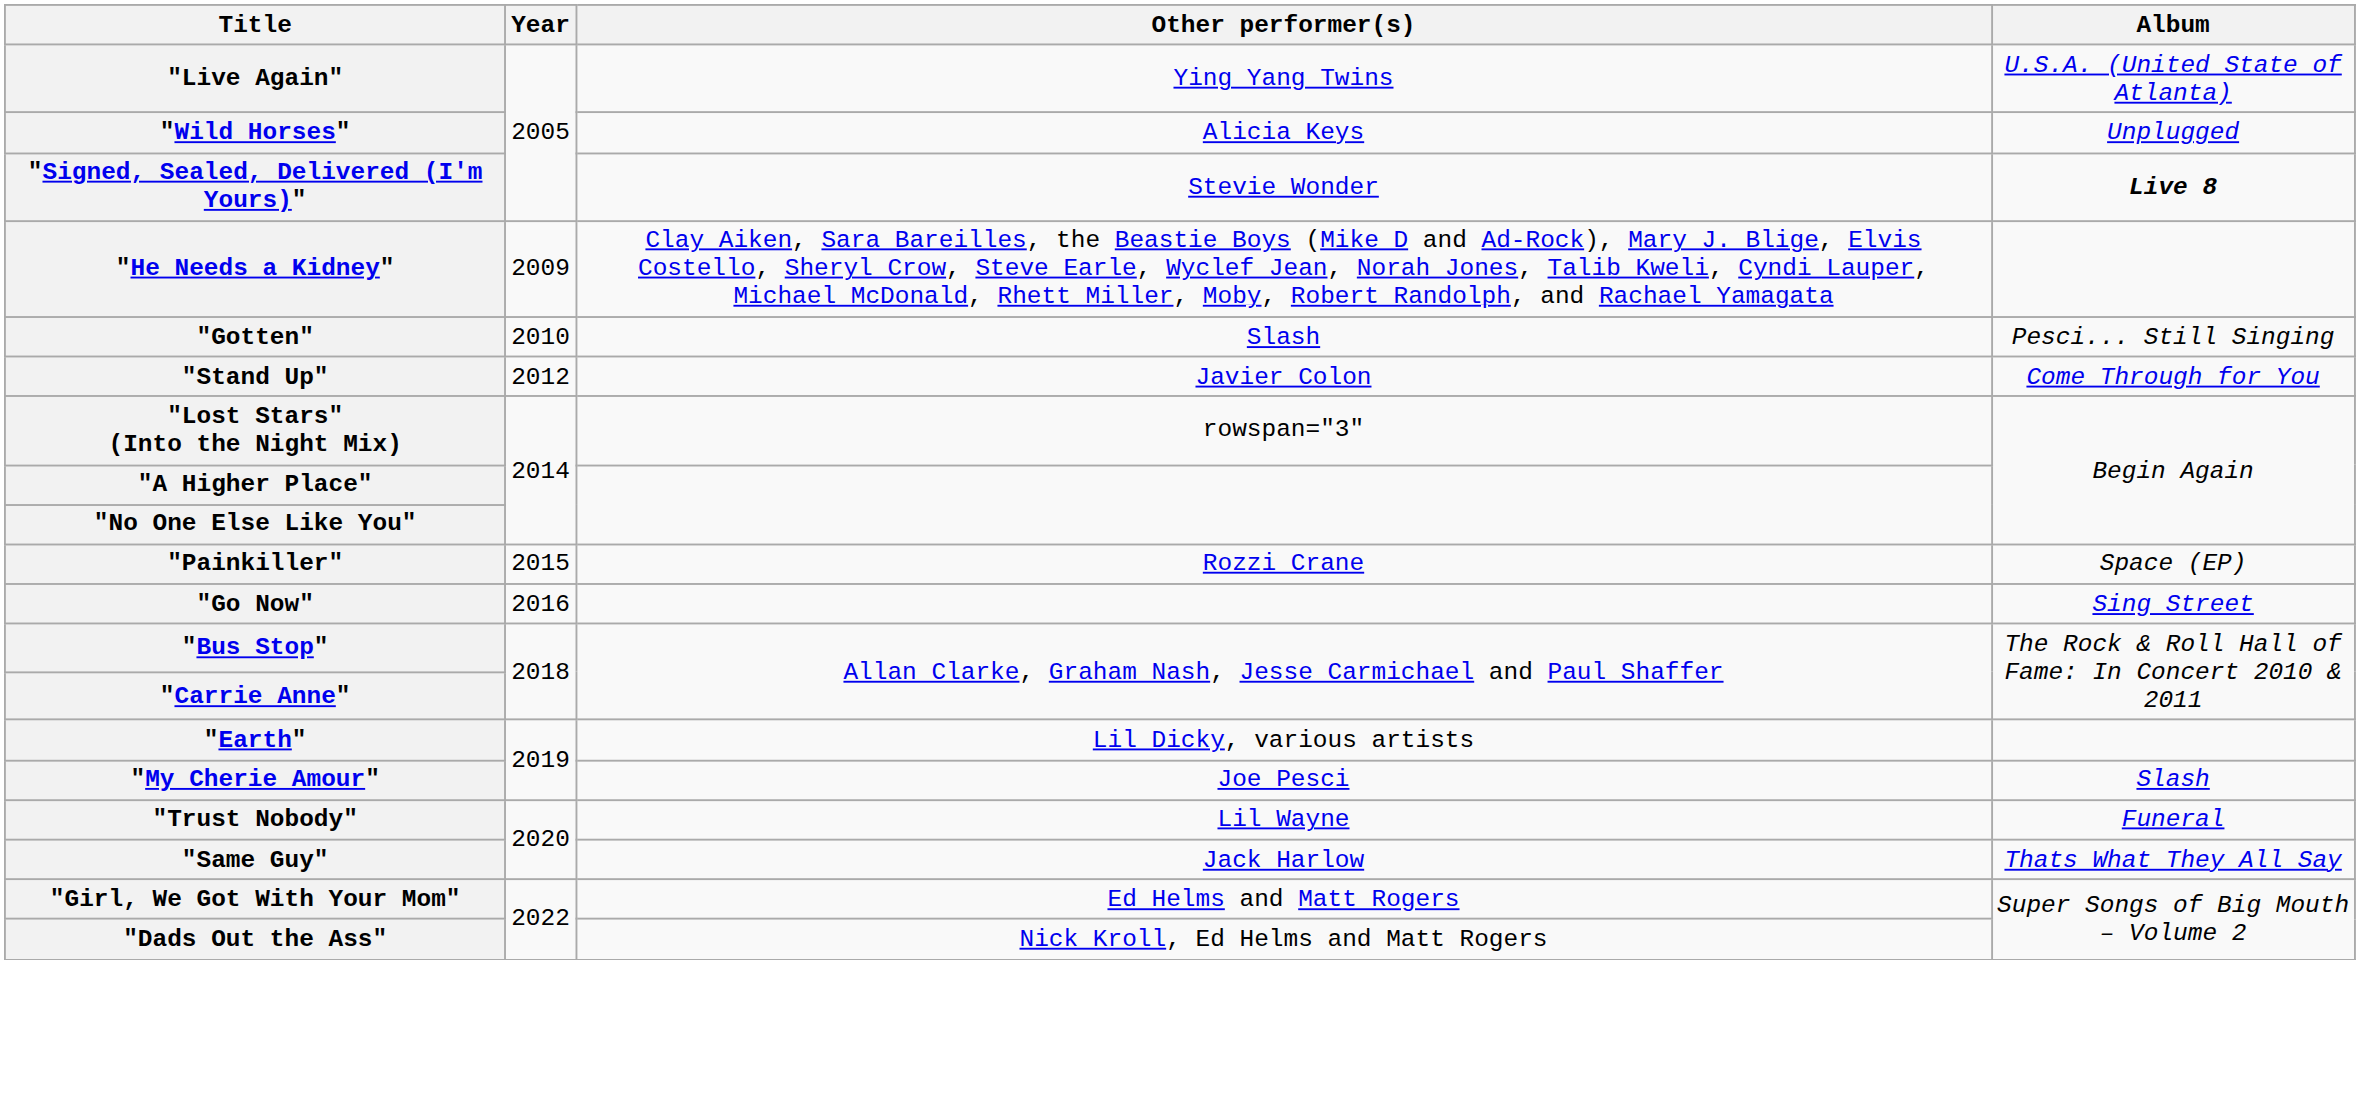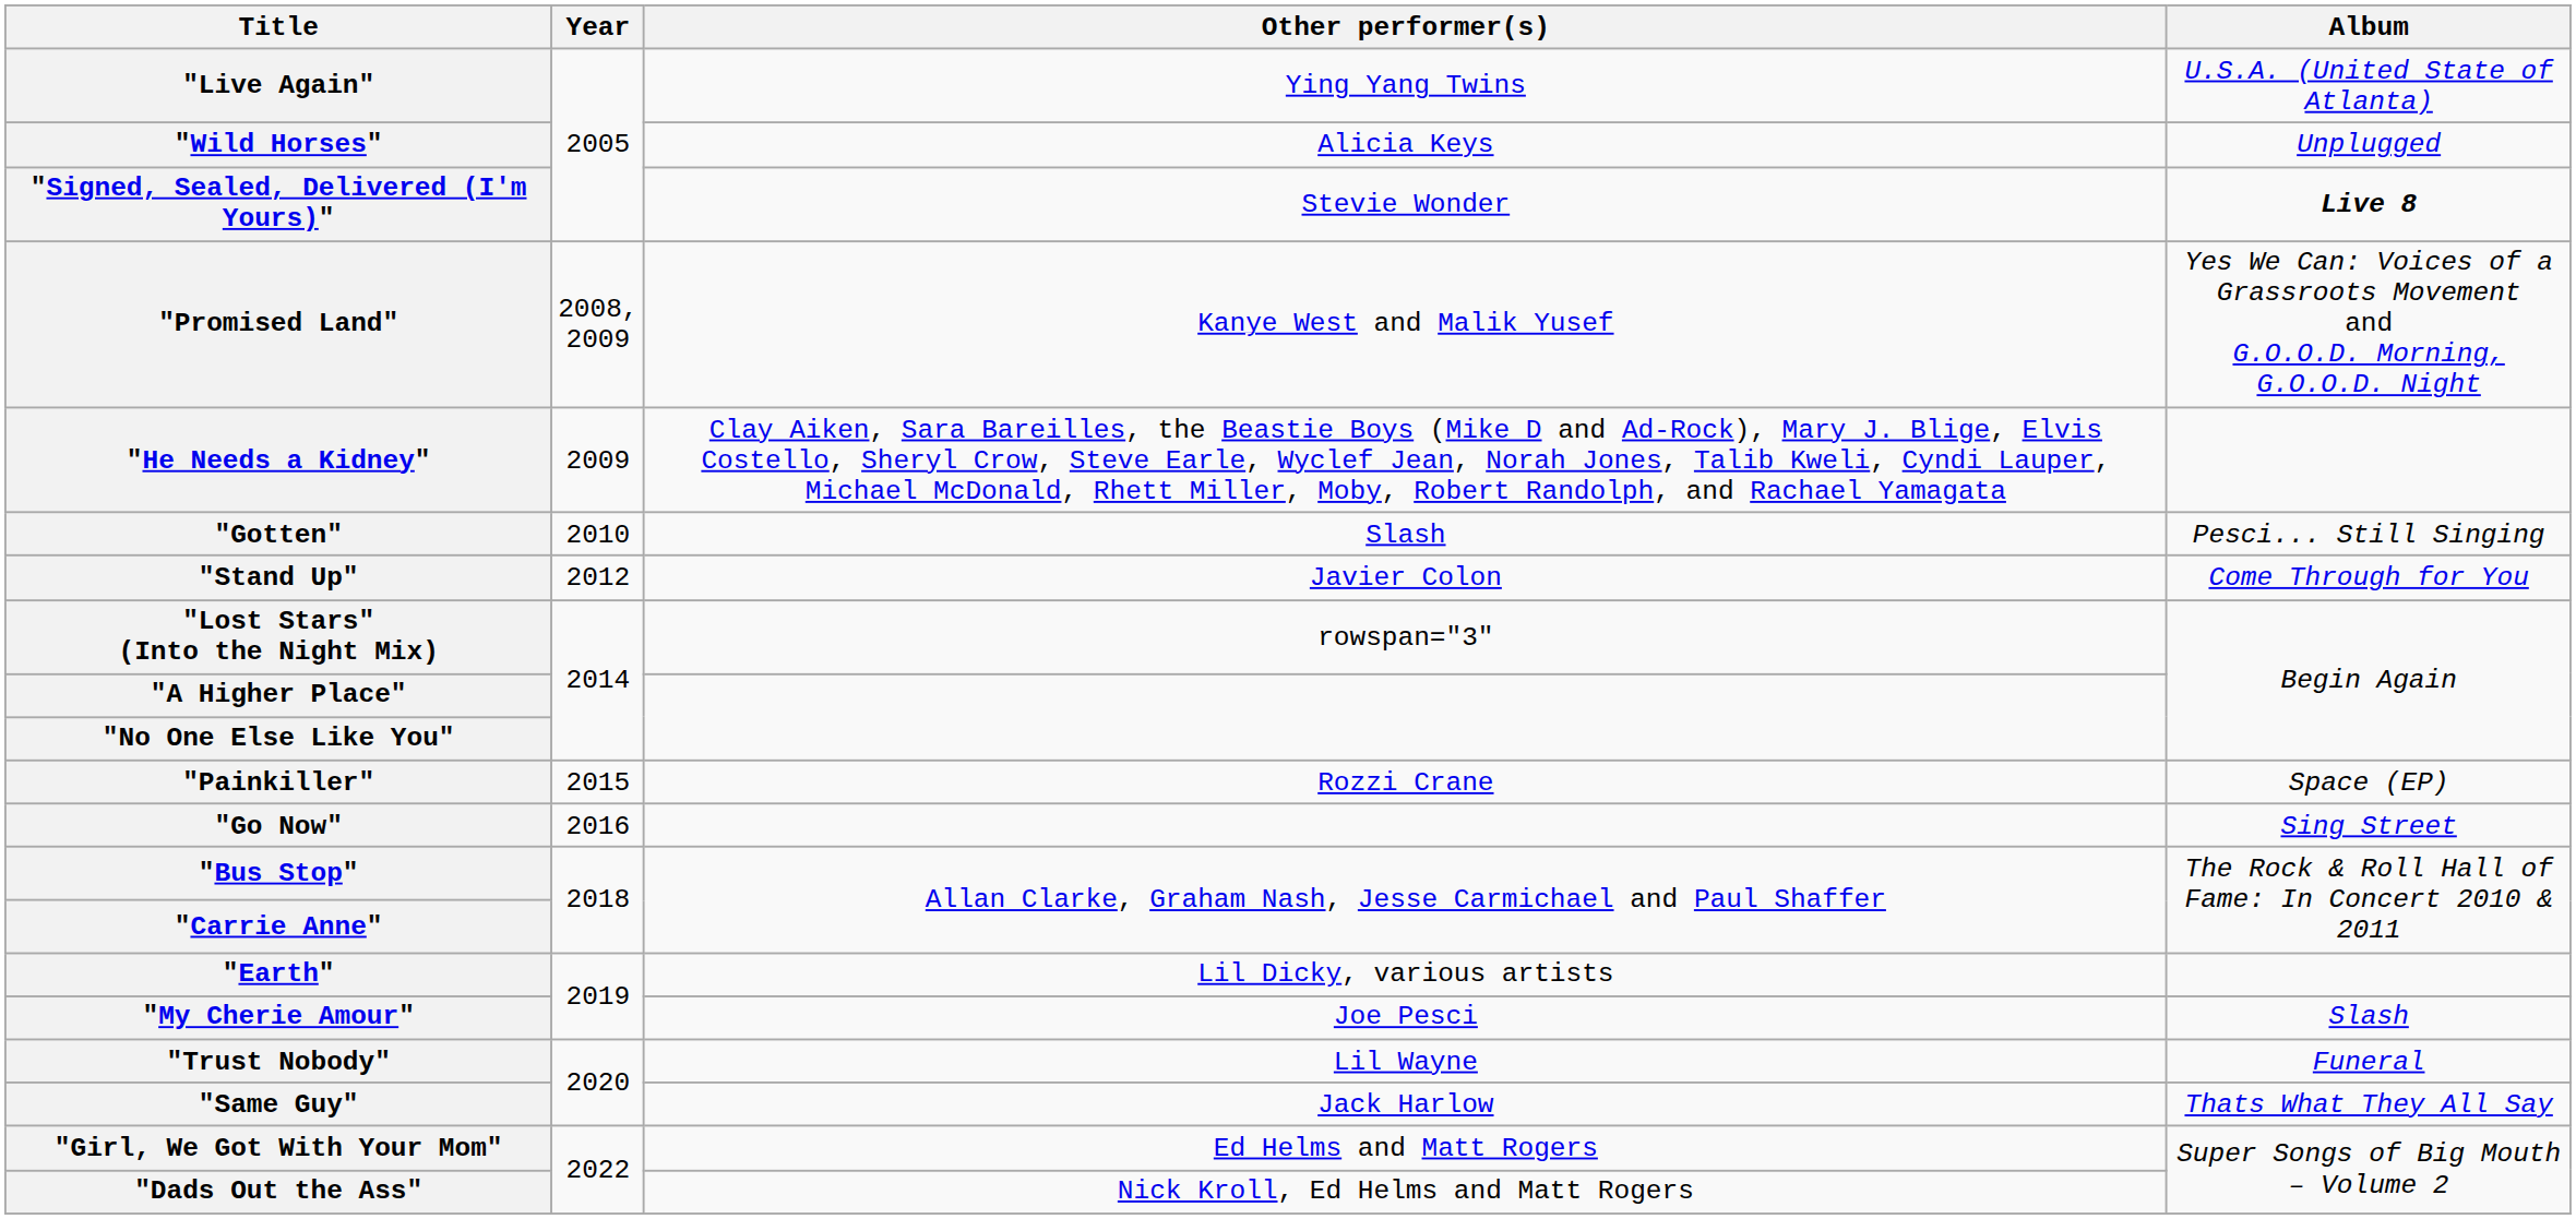 <table class="wikitable plainrowheaders" style="text-align:center;">
 <tr>
 <th scope="col" style="width:20em;">Title</th>
 <th scope="col">Year</th>
 <th scope="col">Other performer(s)</th>
 <th scope="col">Album</th>
 </tr>
 <tr>
 <th scope="row">"Live Again"</th>
 <td rowspan="3">2005</td>
 <td><a href='#'>Ying Yang Twins</a></td>
 <td><em><a href='#'>U.S.A. (United State of Atlanta)</a></em></td>
 </tr>
 <tr>
 <th scope="row">"<a href='#'>Wild Horses</a>"</th>
 <td><a href='#'>Alicia Keys</a></td>
 <td><em><a href='#'>Unplugged</a></em></td>
 </tr>
 <tr>
 <th scope="row">"<a href='#'>Signed, Sealed, Delivered (I'm Yours)</a>"</th>
 <td><a href='#'>Stevie Wonder</a></td>
 <td><strong><em>Live 8</em></strong></td>
+</tr>
+<tr>
+<th scope="row">"Promised Land"</th>
+<td>2008,<br>2009</td>
+<td><a href='#'>Kanye West</a> and <a href='#'>Malik Yusef</a></td>
+<td><em>Yes We Can: Voices of a Grassroots Movement</em><br> and <br><em><a href='#'>G.O.O.D. Morning, G.O.O.D. Night</a></em></td>
 </tr>
 <tr>
 <th scope="row">"<a href='#'>He Needs a Kidney</a>"</th>
 <td>2009</td>
 <td><a href='#'>Clay Aiken</a>, <a href='#'>Sara Bareilles</a>, the <a href='#'>Beastie Boys</a> (<a href='#'>Mike D</a> and <a href='#'>Ad-Rock</a>), <a href='#'>Mary J. Blige</a>, <a href='#'>Elvis Costello</a>, <a href='#'>Sheryl Crow</a>, <a href='#'>Steve Earle</a>, <a href='#'>Wyclef Jean</a>, <a href='#'>Norah Jones</a>, <a href='#'>Talib Kweli</a>, <a href='#'>Cyndi Lauper</a>, <a href='#'>Michael McDonald</a>, <a href='#'>Rhett Miller</a>, <a href='#'>Moby</a>, <a href='#'>Robert Randolph</a>, and <a href='#'>Rachael Yamagata</a></td>
 <td></td>
 </tr>
 <tr>
 <th scope="row">"Gotten"</th>
 <td>2010</td>
 <td><a href='#'>Slash</a></td>
 <td><em>Pesci... Still Singing</em></td>
 </tr>
 <tr>
 <th scope="row">"Stand Up"</th>
 <td>2012</td>
 <td><a href='#'>Javier Colon</a></td>
 <td><em><a href='#'>Come Through for You</a></em></td>
 </tr>
 <tr>
 <th scope="row">"Lost Stars"<br><span>(Into the Night Mix)</span></th>
 <td rowspan="3">2014</td>
 <td>rowspan="3" </td>
 <td rowspan="3"><em>Begin Again</em></td>
 </tr>
 <tr>
 <th scope="row">"A Higher Place"</th>
 </tr>
 <tr>
 <th scope="row">"No One Else Like You"</th>
 </tr>
 <tr>
 <th scope="row">"Painkiller"</th>
 <td>2015</td>
 <td><a href='#'>Rozzi Crane</a></td>
 <td><em>Space (EP)</em></td>
 </tr>
 <tr>
 <th scope="row">"Go Now"</th>
 <td>2016</td>
 <td></td>
 <td><em><a href='#'>Sing Street</a></em></td>
 </tr>
 <tr>
 <th scope="row">"<a href='#'>Bus Stop</a>"</th>
 <td rowspan="2">2018</td>
 <td rowspan="2"><a href='#'>Allan Clarke</a>, <a href='#'>Graham Nash</a>, <a href='#'>Jesse Carmichael</a> and <a href='#'>Paul Shaffer</a></td>
 <td rowspan="2"><em>The Rock & Roll Hall of Fame: In Concert 2010 & 2011</em></td>
 </tr>
 <tr>
 <th scope="row">"<a href='#'>Carrie Anne</a>"</th>
 </tr>
 <tr>
 <th scope="row">"<a href='#'>Earth</a>"</th>
 <td rowspan="2">2019</td>
 <td><a href='#'>Lil Dicky</a>, various artists</td>
 <td></td>
 </tr>
 <tr>
 <th scope="row">"<a href='#'>My Cherie Amour</a>"</th>
 <td><a href='#'>Joe Pesci</a></td>
 <td><em><a href='#'>Slash</a></em></td>
 </tr>
 <tr>
 <th scope="row">"Trust Nobody"</th>
 <td rowspan="2">2020</td>
 <td><a href='#'>Lil Wayne</a></td>
 <td><em><a href='#'>Funeral</a></em></td>
 </tr>
 <tr>
 <th scope="row">"Same Guy"</th>
 <td><a href='#'>Jack Harlow</a></td>
 <td><em><a href='#'>Thats What They All Say</a></em></td>
 </tr>
 <tr>
 <th scope="row">"Girl, We Got With Your Mom"</th>
 <td rowspan="2">2022</td>
 <td><a href='#'>Ed Helms</a> and <a href='#'>Matt Rogers</a></td>
 <td rowspan="2"><em>Super Songs of Big Mouth – Volume 2</em></td>
 </tr>
 <tr>
 <th scope="row">"Dads Out the Ass"</th>
 <td><a href='#'>Nick Kroll</a>, Ed Helms and Matt Rogers</td>
 </tr>
 <tr>
 </tr>
 </table>
